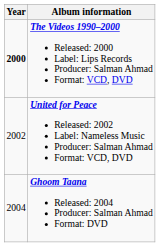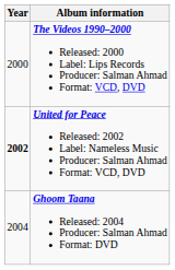 <table class="wikitable">
 <tr>
 <th>Year</th>
 <th>Album information</th>
 </tr>
 <tr>
-<td><strong>2000</strong></td>
+<td>2000</td>
 <td><strong><em><a href='#'>The Videos 1990–2000</a></em></strong><br><ul><li>Released: 2000</li><li>Label: Lips Records</li><li>Producer: Salman Ahmad</li><li>Format: <a href='#'>VCD</a>, <a href='#'>DVD</a></li></ul></td>
 </tr>
 <tr>
-<td>2002</td>
+<td><strong>2002</strong></td>
 <td><strong><em><a href='#'>United for Peace</a></em></strong><br><ul><li>Released: 2002</li><li>Label: Nameless Music</li><li>Producer: Salman Ahmad</li><li>Format: VCD, DVD</li></ul></td>
 </tr>
 <tr>
 <td>2004</td>
 <td><strong><em><a href='#'>Ghoom Taana</a></em></strong><br><ul><li>Released: 2004</li><li>Producer: Salman Ahmad</li><li>Format: DVD</li></ul></td>
 </tr>
 </table>
